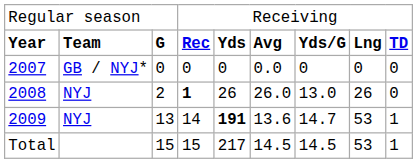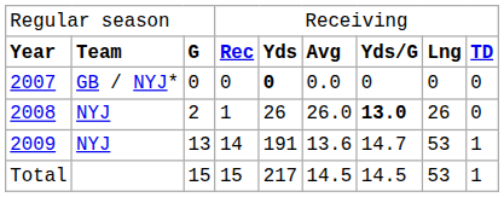 <table class="wikitable" border=0 style="background: #FFFFFF;">
 <tr>
 <td colspan=3>Regular season</td>
 <td colspan=6 align="center">Receiving</td>
 </tr>
 <tr>
 <td><strong>Year</strong></td>
 <td><strong>Team</strong></td>
 <td><strong>G</strong></td>
 <td><strong><a href='#'>Rec</a></strong></td>
 <td><strong>Yds</strong></td>
 <td><strong>Avg</strong></td>
 <td><strong>Yds/G</strong></td>
 <td><strong>Lng</strong></td>
 <td><strong><a href='#'>TD</a></strong></td>
 </tr>
 <tr>
 <td><a href='#'>2007</a></td>
 <td><a href='#'>GB</a> / <a href='#'>NYJ</a>*</td>
 <td>0</td>
 <td>0</td>
-<td>0</td>
+<td><strong>0</strong></td>
 <td>0.0</td>
 <td>0</td>
 <td>0</td>
 <td>0</td>
 </tr>
 <tr>
 <td><a href='#'>2008</a></td>
 <td><a href='#'>NYJ</a></td>
 <td>2</td>
-<td><strong>1</strong></td>
+<td>1</td>
 <td>26</td>
 <td>26.0</td>
-<td>13.0</td>
+<td><strong>13.0</strong></td>
 <td>26</td>
 <td>0</td>
 </tr>
 <tr>
 <td><a href='#'>2009</a></td>
 <td><a href='#'>NYJ</a></td>
 <td>13</td>
 <td>14</td>
-<td><strong>191</strong></td>
+<td>191</td>
 <td>13.6</td>
 <td>14.7</td>
 <td>53</td>
 <td>1</td>
 </tr>
 <tr>
 <td>Total</td>
 <td></td>
 <td>15</td>
 <td>15</td>
 <td>217</td>
 <td>14.5</td>
 <td>14.5</td>
 <td>53</td>
 <td>1</td>
 </tr>
 </table>
